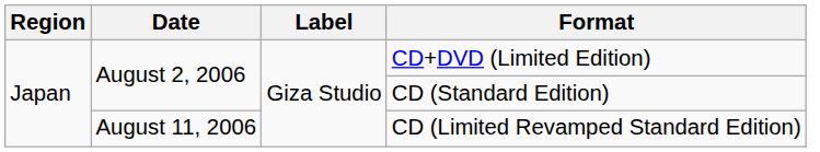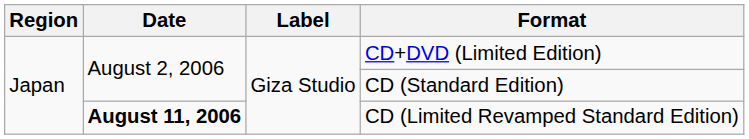 <table class="wikitable">
 <tr>
 <th>Region</th>
 <th>Date</th>
 <th>Label</th>
 <th>Format</th>
 </tr>
 <tr>
 <td rowspan="3">Japan</td>
 <td rowspan="2">August 2, 2006</td>
 <td rowspan="3">Giza Studio</td>
 <td><a href='#'>CD</a>+<a href='#'>DVD</a> (Limited Edition)</td>
 </tr>
 <tr>
 <td>CD (Standard Edition)</td>
 </tr>
 <tr>
-<td>August 11, 2006</td>
+<td><strong>August 11, 2006</strong></td>
 <td>CD (Limited Revamped Standard Edition)</td>
 </tr>
 </table>
